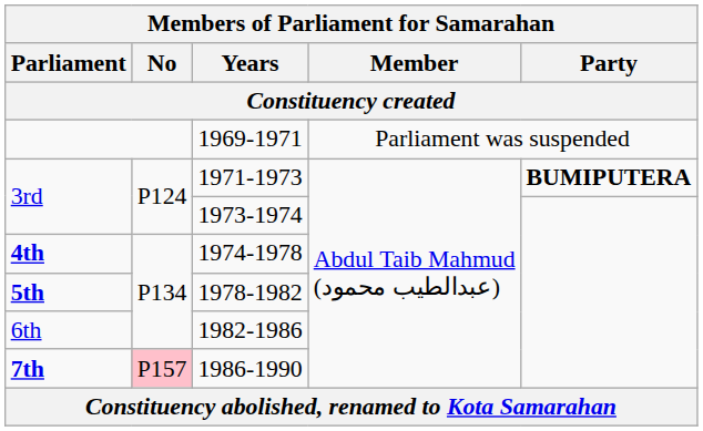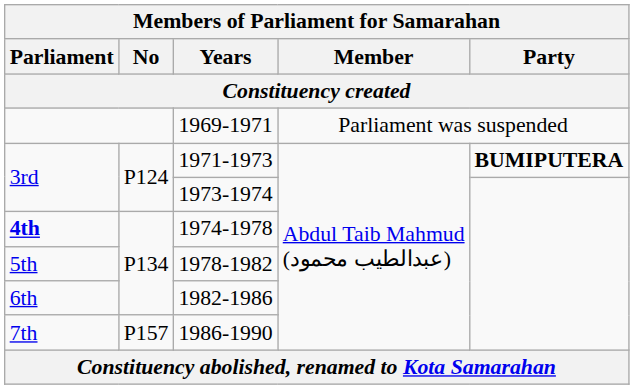 <table class=wikitable>
 <tr>
 <th colspan="5">Members of Parliament for Samarahan</th>
 </tr>
 <tr>
 <th>Parliament</th>
 <th>No</th>
 <th>Years</th>
 <th>Member</th>
 <th>Party</th>
 </tr>
 <tr>
 <th colspan="5" align="center"><em>Constituency created</em></th>
 </tr>
 <tr>
 <td colspan="2"></td>
 <td>1969-1971</td>
 <td colspan=2 align=center>Parliament was suspended</td>
 </tr>
 <tr>
 <td rowspan=2><a href='#'>3rd</a></td>
 <td rowspan="2">P124</td>
 <td>1971-1973</td>
 <td rowspan=6><a href='#'>Abdul Taib Mahmud</a> <br> (عبدالطيب محمود‎)</td>
 <td><strong>BUMIPUTERA</strong></td>
 </tr>
 <tr>
 <td>1973-1974</td>
 <td rowspan=5></td>
 </tr>
 <tr>
 <td><strong><a href='#'>4th</a></strong></td>
 <td rowspan="3">P134</td>
 <td>1974-1978</td>
 </tr>
 <tr>
-<td><strong><a href='#'>5th</a></strong></td>
+<td><a href='#'>5th</a></td>
 <td>1978-1982</td>
 </tr>
 <tr>
 <td><a href='#'>6th</a></td>
 <td>1982-1986</td>
 </tr>
 <tr>
-<td><strong><a href='#'>7th</a></strong></td>
-<td style="background: pink;">P157</td>
+<td><a href='#'>7th</a></td>
+<td>P157</td>
 <td>1986-1990</td>
 </tr>
 <tr>
 <th colspan="5" align="center"><em>Constituency abolished, renamed to <a href='#'>Kota Samarahan</a></em></th>
 </tr>
 </table>
